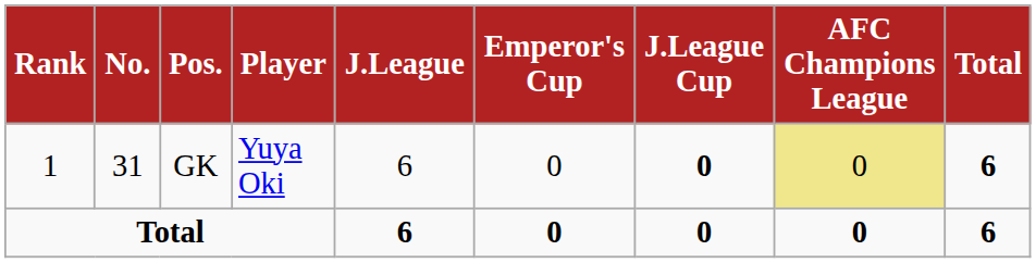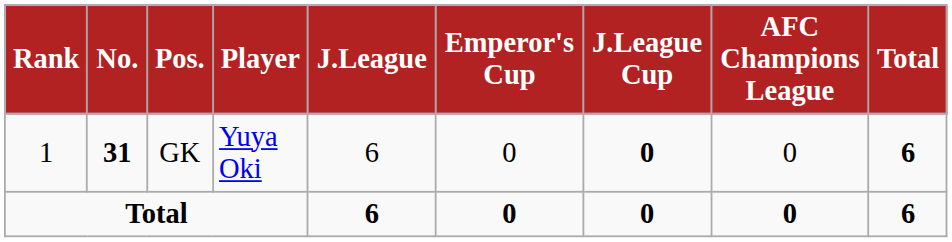 <table class="wikitable sortable" style="text-align:center;width:85%;">
 <tr>
 <th style="width:25px; background:firebrick; color:#fff;">Rank</th>
 <th style="width:25px; background:firebrick; color:#fff;">No.</th>
 <th style="width:25px; background:firebrick; color:#fff;">Pos.</th>
 <th style="width:25px; background:firebrick; color:#fff;">Player</th>
 <th style="width:25px; background:firebrick; color:#fff;">J.League</th>
 <th style="width:25px; background:firebrick; color:#fff;">Emperor's Cup</th>
 <th style="width:25px; background:firebrick; color:#fff;">J.League Cup</th>
 <th style="width:25px; background:firebrick; color:#fff;">AFC Champions League</th>
 <th style="width:25px; background:firebrick; color:#fff;">Total</th>
 </tr>
 <tr>
 <td>1</td>
-<td>31</td>
+<td><strong>31</strong></td>
 <td>GK</td>
 <td align=left> <a href='#'>Yuya Oki</a></td>
 <td>6</td>
 <td>0</td>
 <td><strong>0</strong></td>
-<td style="background: khaki;">0</td>
+<td>0</td>
 <td><strong>6</strong></td>
 </tr>
 <tr>
 <td colspan=4><strong>Total</strong></td>
 <td><strong>6</strong></td>
 <td><strong>0</strong></td>
 <td><strong>0</strong></td>
 <td><strong>0</strong></td>
 <td><strong>6</strong></td>
 </tr>
 </table>
